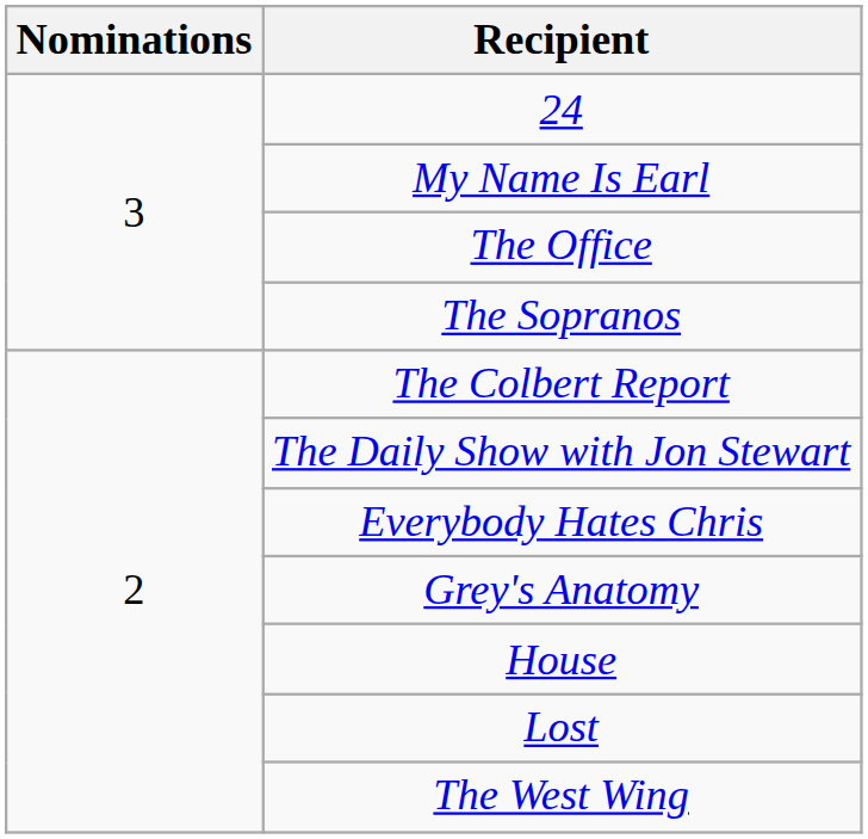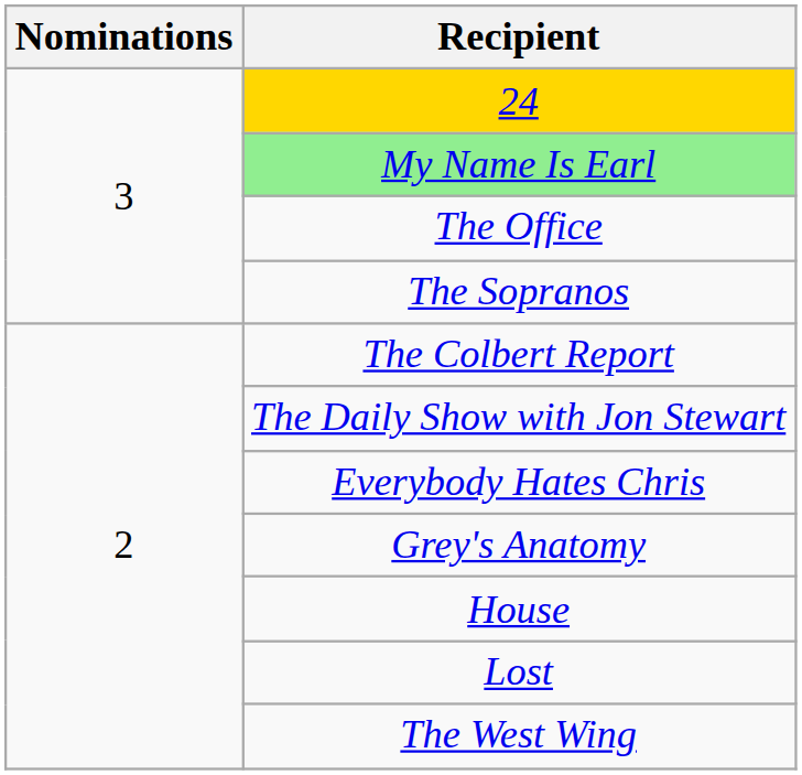 <table class="wikitable sortable" style="text-align: center">
 <tr>
 <th scope="col" style="width:55px;">Nominations</th>
 <th scope="col" style="text-align:center;">Recipient</th>
 </tr>
 <tr>
 <td rowspan="4">3</td>
-<td><em><a href='#'>24</a></em></td>
+<td style="background: gold;"><em><a href='#'>24</a></em></td>
 </tr>
 <tr>
-<td><em><a href='#'>My Name Is Earl</a></em></td>
+<td style="background: lightgreen;"><em><a href='#'>My Name Is Earl</a></em></td>
 </tr>
 <tr>
 <td><em><a href='#'>The Office</a></em></td>
 </tr>
 <tr>
 <td><em><a href='#'>The Sopranos</a></em></td>
 </tr>
 <tr>
 <td rowspan="7" style="text-align:center">2</td>
 <td><em><a href='#'>The Colbert Report</a></em></td>
 </tr>
 <tr>
 <td><em><a href='#'>The Daily Show with Jon Stewart</a></em></td>
 </tr>
 <tr>
 <td><em><a href='#'>Everybody Hates Chris</a></em></td>
 </tr>
 <tr>
 <td><em><a href='#'>Grey's Anatomy</a></em></td>
 </tr>
 <tr>
 <td><em><a href='#'>House</a></em></td>
 </tr>
 <tr>
 <td><em><a href='#'>Lost</a></em></td>
 </tr>
 <tr>
 <td><em><a href='#'>The West Wing</a></em></td>
 </tr>
 </table>
